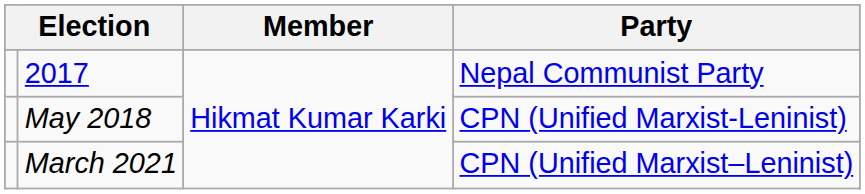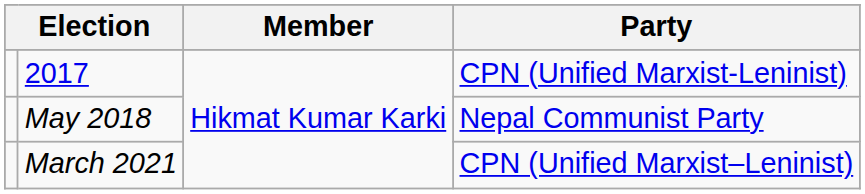 <table class="wikitable">
 <tr>
 <th colspan="2">Election</th>
 <th>Member</th>
 <th>Party</th>
 </tr>
 <tr>
 <td style="background-color:"></td>
 <td><a href='#'>2017</a></td>
 <td rowspan="3"><a href='#'>Hikmat Kumar Karki</a></td>
-<td><a href='#'>Nepal Communist Party</a></td>
+<td><a href='#'>CPN (Unified Marxist-Leninist)</a></td>
 </tr>
 <tr>
 <td style="background-color:"></td>
 <td><em>May 2018</em></td>
-<td><a href='#'>CPN (Unified Marxist-Leninist)</a></td>
+<td><a href='#'>Nepal Communist Party</a></td>
 </tr>
 <tr>
 <td style="background-color:"></td>
 <td><em>March 2021</em></td>
 <td><a href='#'>CPN (Unified Marxist–Leninist)</a></td>
 </tr>
 </table>
